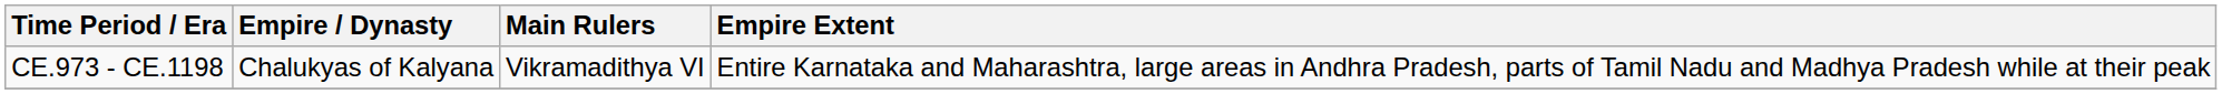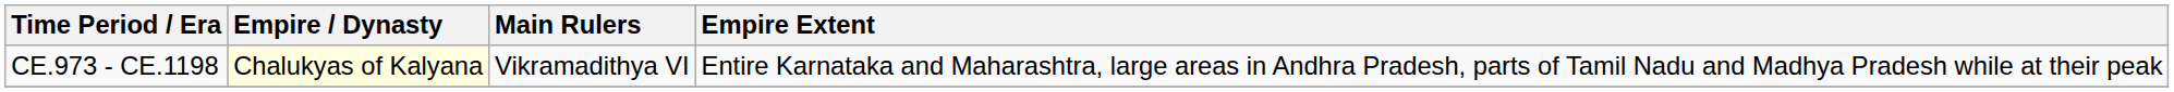 <table class="wikitable">
 <tr>
 <th style="text-align: left;">Time Period / Era</th>
 <th style="text-align: left;">Empire / Dynasty</th>
 <th style="text-align: left;">Main Rulers</th>
 <th style="text-align: left;">Empire Extent</th>
 </tr>
 <tr>
 <td>CE.973 - CE.1198</td>
-<td>Chalukyas of Kalyana</td>
+<td style="background: lightyellow;">Chalukyas of Kalyana</td>
 <td>Vikramadithya VI</td>
 <td>Entire Karnataka and Maharashtra, large areas in Andhra Pradesh, parts of Tamil Nadu and Madhya Pradesh while at their peak</td>
 </tr>
 <tr>
 </tr>
 </table>
